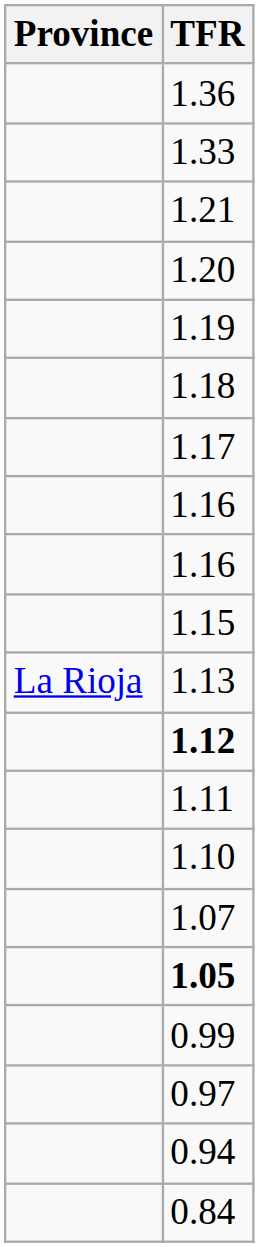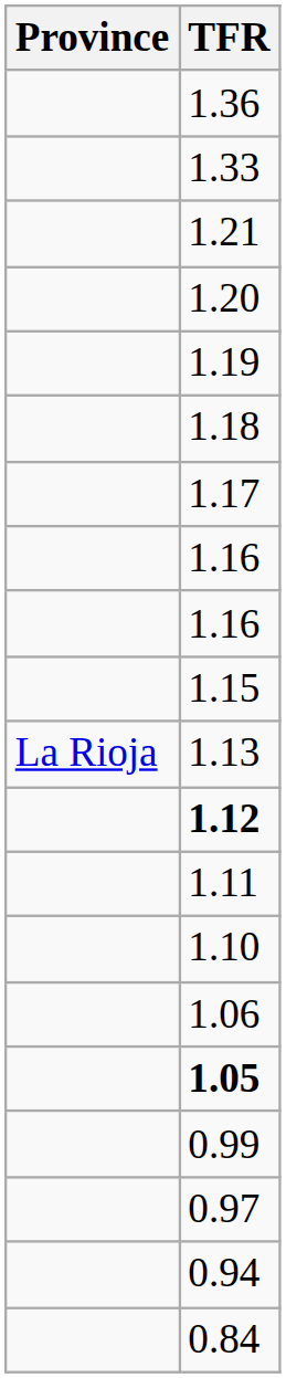 <table class="wikitable">
 <tr>
 <th>Province</th>
 <th>TFR</th>
 </tr>
 <tr>
 <td></td>
 <td>1.36</td>
 </tr>
 <tr>
 <td></td>
 <td>1.33</td>
 </tr>
 <tr>
 <td></td>
 <td>1.21</td>
 </tr>
 <tr>
 <td></td>
 <td>1.20</td>
 </tr>
 <tr>
 <td></td>
 <td>1.19</td>
 </tr>
 <tr>
 <td></td>
 <td>1.18</td>
 </tr>
 <tr>
 <td></td>
 <td>1.17</td>
 </tr>
 <tr>
 <td></td>
 <td>1.16</td>
 </tr>
 <tr>
 <td></td>
 <td>1.16</td>
 </tr>
 <tr>
 <td></td>
 <td>1.15</td>
 </tr>
 <tr>
 <td> <a href='#'>La Rioja</a></td>
 <td>1.13</td>
 </tr>
 <tr>
 <td><strong></strong></td>
 <td><strong>1.12</strong></td>
 </tr>
 <tr>
 <td></td>
 <td>1.11</td>
 </tr>
 <tr>
 <td></td>
 <td>1.10</td>
 </tr>
 <tr>
 <td></td>
-<td>1.07</td>
+<td>1.06</td>
 </tr>
 <tr>
 <td></td>
 <td><strong>1.05</strong></td>
 </tr>
 <tr>
 <td></td>
 <td>0.99</td>
 </tr>
 <tr>
 <td></td>
 <td>0.97</td>
 </tr>
 <tr>
 <td></td>
 <td>0.94</td>
 </tr>
 <tr>
 <td></td>
 <td>0.84</td>
 </tr>
 </table>
